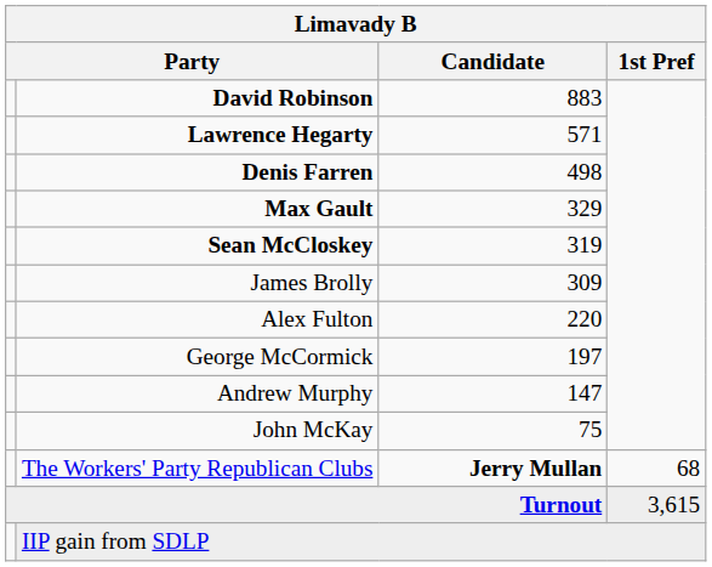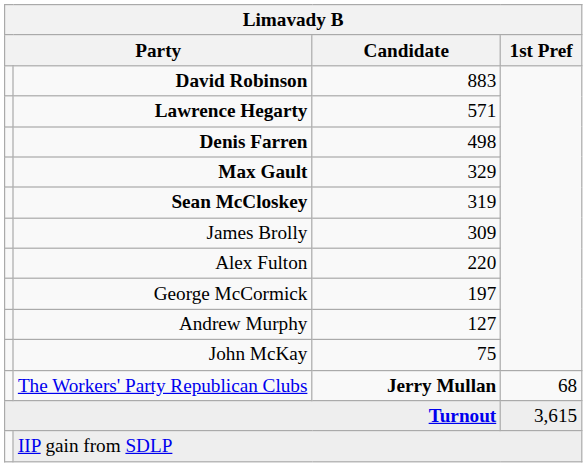 <table class="wikitable">
 <tr>
 <th colspan="4" align="center">Limavady B</th>
 </tr>
 <tr>
 <th colspan="2" align="center" width=200>Party</th>
 <th width=150>Candidate</th>
 <th width=60>1st Pref</th>
 </tr>
 <tr>
 <td></td>
 <td align="right"><strong>David Robinson</strong></td>
 <td align="right">883</td>
 </tr>
 <tr>
 <td></td>
 <td align="right"><strong>Lawrence Hegarty</strong></td>
 <td align="right">571</td>
 </tr>
 <tr>
 <td></td>
 <td align="right"><strong>Denis Farren</strong></td>
 <td align="right">498</td>
 </tr>
 <tr>
 <td></td>
 <td align="right"><strong>Max Gault</strong></td>
 <td align="right">329</td>
 </tr>
 <tr>
 <td></td>
 <td align="right"><strong>Sean McCloskey</strong></td>
 <td align="right">319</td>
 </tr>
 <tr>
 <td></td>
 <td align="right">James Brolly</td>
 <td align="right">309</td>
 </tr>
 <tr>
 <td></td>
 <td align="right">Alex Fulton</td>
 <td align="right">220</td>
 </tr>
 <tr>
 <td></td>
 <td align="right">George McCormick</td>
 <td align="right">197</td>
 </tr>
 <tr>
 <td></td>
 <td align="right">Andrew Murphy</td>
-<td align="right">147</td>
+<td align="right">127</td>
 </tr>
 <tr>
 <td></td>
 <td align="right">John McKay</td>
 <td align="right">75</td>
 </tr>
 <tr>
 <td style="background-color: "></td>
 <td><a href='#'>The Workers' Party Republican Clubs</a></td>
 <td align="right"><strong>Jerry Mullan</strong></td>
 <td align="right">68</td>
 </tr>
 <tr bgcolor="EEEEEE">
 <td colspan=3 align="right"><strong><a href='#'>Turnout</a></strong></td>
 <td align="right">3,615</td>
 </tr>
 <tr>
 <td bgcolor=></td>
 <td colspan=3 bgcolor="EEEEEE"><a href='#'>IIP</a> gain from <a href='#'>SDLP</a></td>
 </tr>
 </table>
